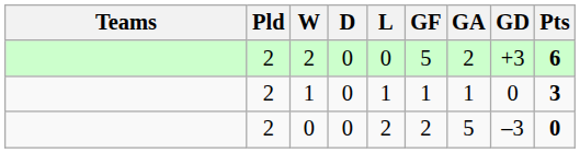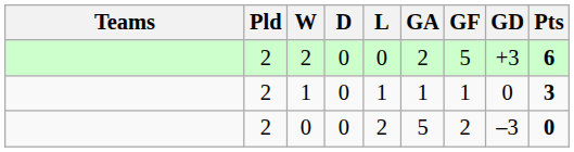 <table class="wikitable" style="text-align: center;">
 <tr>
 <th width=165>Teams</th>
 <th width=20>Pld</th>
 <th width=20>W</th>
 <th width=20>D</th>
 <th width=20>L</th>
+<th width=20>GA</th>
 <th width=20>GF</th>
-<th width=20>GA</th>
 <th width=20>GD</th>
 <th width=20>Pts</th>
 </tr>
 <tr align=center style="background:#ccffcc;">
 <td style="text-align:left;"></td>
 <td>2</td>
 <td>2</td>
 <td>0</td>
 <td>0</td>
+<td>2</td>
 <td>5</td>
-<td>2</td>
 <td>+3</td>
 <td><strong>6</strong></td>
 </tr>
 <tr align=center>
 <td style="text-align:left;"></td>
 <td>2</td>
 <td>1</td>
 <td>0</td>
 <td>1</td>
 <td>1</td>
 <td>1</td>
 <td>0</td>
 <td><strong>3</strong></td>
 </tr>
 <tr align=center>
 <td style="text-align:left;"></td>
 <td>2</td>
 <td>0</td>
 <td>0</td>
 <td>2</td>
+<td>5</td>
 <td>2</td>
-<td>5</td>
 <td>–3</td>
 <td><strong>0</strong></td>
 </tr>
 </table>
